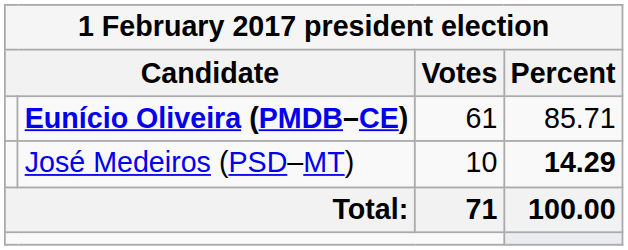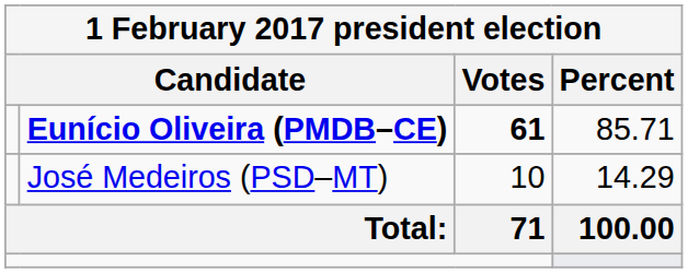 <table class="wikitable">
 <tr>
 <th colspan=5 style="background:#F5F5F5">1 February 2017 president election</th>
 </tr>
 <tr>
 <th colspan=2>Candidate</th>
 <th>Votes</th>
 <th>Percent</th>
 </tr>
 <tr>
 <td style="background-color:"></td>
 <td><strong><a href='#'>Eunício Oliveira</a> (<a href='#'>PMDB</a>–<a href='#'>CE</a>)</strong> </td>
-<td style="text-align:right">61</td>
+<td style="text-align:right"><strong>61</strong></td>
 <td style="text-align:right">85.71</td>
 </tr>
 <tr>
 <td style="background-color:"></td>
 <td><a href='#'>José Medeiros</a> (<a href='#'>PSD</a>–<a href='#'>MT</a>)</td>
 <td style="text-align:right">10</td>
-<td style="text-align:right"><strong>14.29</strong></td>
+<td style="text-align:right">14.29</td>
 </tr>
 <tr>
 <th colspan=2 style="text-align:right">Total:</th>
 <th style="text-align:right">71</th>
 <th style="text-align:right">100.00</th>
 </tr>
 <tr>
 <td colspan=3></td>
 <td style="background:#EBECF0" rowspan=2></td>
 </tr>
 </table>
